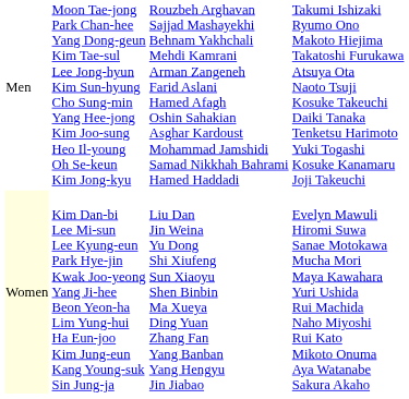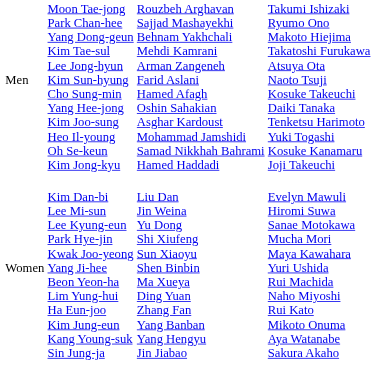 <table>
 <tr>
 <td>Men<br></td>
 <td><br><a href='#'>Moon Tae-jong</a><br><a href='#'>Park Chan-hee</a><br><a href='#'>Yang Dong-geun</a><br><a href='#'>Kim Tae-sul</a><br><a href='#'>Lee Jong-hyun</a><br><a href='#'>Kim Sun-hyung</a><br><a href='#'>Cho Sung-min</a><br><a href='#'>Yang Hee-jong</a><br><a href='#'>Kim Joo-sung</a><br><a href='#'>Heo Il-young</a><br><a href='#'>Oh Se-keun</a><br><a href='#'>Kim Jong-kyu</a></td>
 <td><br><a href='#'>Rouzbeh Arghavan</a><br><a href='#'>Sajjad Mashayekhi</a><br><a href='#'>Behnam Yakhchali</a><br><a href='#'>Mehdi Kamrani</a><br><a href='#'>Arman Zangeneh</a><br><a href='#'>Farid Aslani</a><br><a href='#'>Hamed Afagh</a><br><a href='#'>Oshin Sahakian</a><br><a href='#'>Asghar Kardoust</a><br><a href='#'>Mohammad Jamshidi</a><br><a href='#'>Samad Nikkhah Bahrami</a><br><a href='#'>Hamed Haddadi</a></td>
 <td><br><a href='#'>Takumi Ishizaki</a><br><a href='#'>Ryumo Ono</a><br><a href='#'>Makoto Hiejima</a><br><a href='#'>Takatoshi Furukawa</a><br><a href='#'>Atsuya Ota</a><br><a href='#'>Naoto Tsuji</a><br><a href='#'>Kosuke Takeuchi</a><br><a href='#'>Daiki Tanaka</a><br><a href='#'>Tenketsu Harimoto</a><br><a href='#'>Yuki Togashi</a><br><a href='#'>Kosuke Kanamaru</a><br><a href='#'>Joji Takeuchi</a></td>
 </tr>
 <tr>
-<td style="background: lightyellow;">Women<br></td>
+<td>Women<br></td>
 <td><br><a href='#'>Kim Dan-bi</a><br><a href='#'>Lee Mi-sun</a><br><a href='#'>Lee Kyung-eun</a><br><a href='#'>Park Hye-jin</a><br><a href='#'>Kwak Joo-yeong</a><br><a href='#'>Yang Ji-hee</a><br><a href='#'>Beon Yeon-ha</a><br><a href='#'>Lim Yung-hui</a><br><a href='#'>Ha Eun-joo</a><br><a href='#'>Kim Jung-eun</a><br><a href='#'>Kang Young-suk</a><br><a href='#'>Sin Jung-ja</a></td>
 <td><br><a href='#'>Liu Dan</a><br><a href='#'>Jin Weina</a><br><a href='#'>Yu Dong</a><br><a href='#'>Shi Xiufeng</a><br><a href='#'>Sun Xiaoyu</a><br><a href='#'>Shen Binbin</a><br><a href='#'>Ma Xueya</a><br><a href='#'>Ding Yuan</a><br><a href='#'>Zhang Fan</a><br><a href='#'>Yang Banban</a><br><a href='#'>Yang Hengyu</a><br><a href='#'>Jin Jiabao</a></td>
 <td><br><a href='#'>Evelyn Mawuli</a><br><a href='#'>Hiromi Suwa</a><br><a href='#'>Sanae Motokawa</a><br><a href='#'>Mucha Mori</a><br><a href='#'>Maya Kawahara</a><br><a href='#'>Yuri Ushida</a><br><a href='#'>Rui Machida</a><br><a href='#'>Naho Miyoshi</a><br><a href='#'>Rui Kato</a><br><a href='#'>Mikoto Onuma</a><br><a href='#'>Aya Watanabe</a><br><a href='#'>Sakura Akaho</a></td>
 </tr>
 </table>
